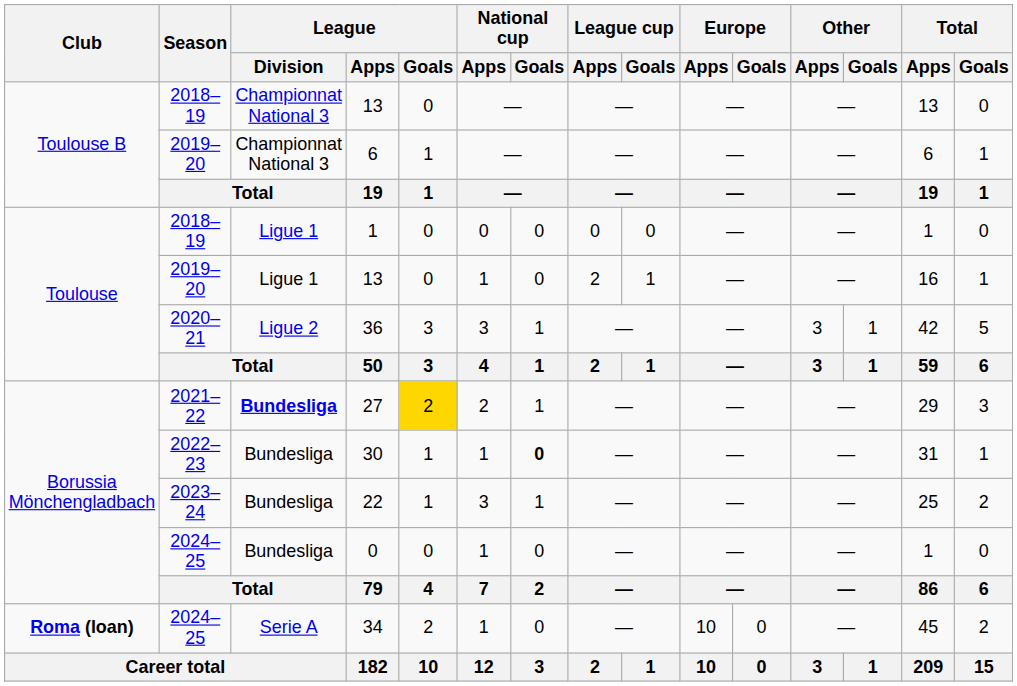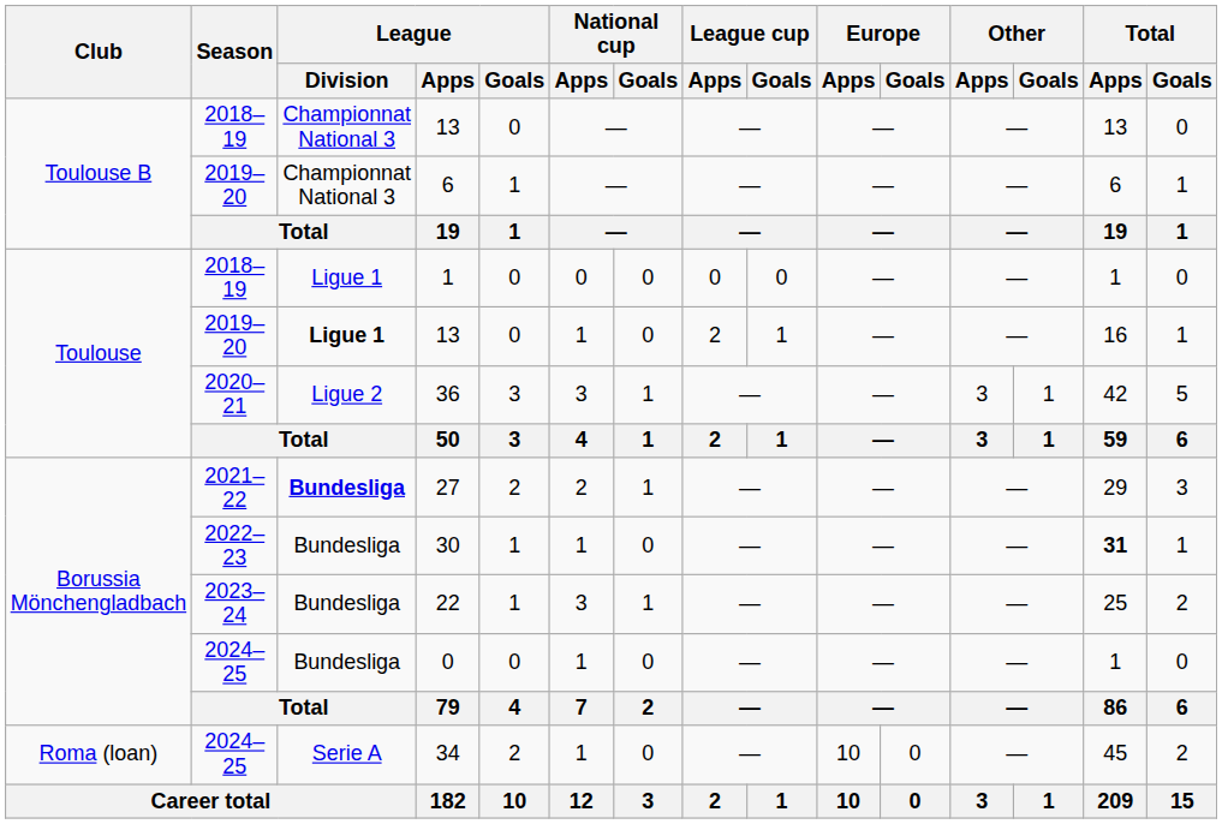 <table class="wikitable" style="text-align:center">
 <tr>
 <th rowspan="2">Club</th>
 <th rowspan="2">Season</th>
 <th colspan="3">League</th>
 <th colspan="2">National cup</th>
 <th colspan="2">League cup</th>
 <th colspan="2">Europe</th>
 <th colspan="2">Other</th>
 <th colspan="2">Total</th>
 </tr>
 <tr>
 <th>Division</th>
 <th>Apps</th>
 <th>Goals</th>
 <th>Apps</th>
 <th>Goals</th>
 <th>Apps</th>
 <th>Goals</th>
 <th>Apps</th>
 <th>Goals</th>
 <th>Apps</th>
 <th>Goals</th>
 <th>Apps</th>
 <th>Goals</th>
 </tr>
 <tr>
 <td rowspan="3"><a href='#'>Toulouse B</a></td>
 <td><a href='#'>2018–19</a></td>
 <td><a href='#'>Championnat National 3</a></td>
 <td>13</td>
 <td>0</td>
 <td colspan="2">—</td>
 <td colspan="2">—</td>
 <td colspan="2">—</td>
 <td colspan="2">—</td>
 <td>13</td>
 <td>0</td>
 </tr>
 <tr>
 <td><a href='#'>2019–20</a></td>
 <td>Championnat National 3</td>
 <td>6</td>
 <td>1</td>
 <td colspan="2">—</td>
 <td colspan="2">—</td>
 <td colspan="2">—</td>
 <td colspan="2">—</td>
 <td>6</td>
 <td>1</td>
 </tr>
 <tr>
 <th colspan="2">Total</th>
 <th>19</th>
 <th>1</th>
 <th colspan="2">—</th>
 <th colspan="2">—</th>
 <th colspan="2">—</th>
 <th colspan="2">—</th>
 <th>19</th>
 <th>1</th>
 </tr>
 <tr>
 <td rowspan="4"><a href='#'>Toulouse</a></td>
 <td><a href='#'>2018–19</a></td>
 <td><a href='#'>Ligue 1</a></td>
 <td>1</td>
 <td>0</td>
 <td>0</td>
 <td>0</td>
 <td>0</td>
 <td>0</td>
 <td colspan="2">—</td>
 <td colspan="2">—</td>
 <td>1</td>
 <td>0</td>
 </tr>
 <tr>
 <td><a href='#'>2019–20</a></td>
-<td>Ligue 1</td>
+<td><strong>Ligue 1</strong></td>
 <td>13</td>
 <td>0</td>
 <td>1</td>
 <td>0</td>
 <td>2</td>
 <td>1</td>
 <td colspan="2">—</td>
 <td colspan="2">—</td>
 <td>16</td>
 <td>1</td>
 </tr>
 <tr>
 <td><a href='#'>2020–21</a></td>
 <td><a href='#'>Ligue 2</a></td>
 <td>36</td>
 <td>3</td>
 <td>3</td>
 <td>1</td>
 <td colspan="2">—</td>
 <td colspan="2">—</td>
 <td>3</td>
 <td>1</td>
 <td>42</td>
 <td>5</td>
 </tr>
 <tr>
 <th colspan="2">Total</th>
 <th>50</th>
 <th>3</th>
 <th>4</th>
 <th>1</th>
 <th>2</th>
 <th>1</th>
 <th colspan="2">—</th>
 <th>3</th>
 <th>1</th>
 <th>59</th>
 <th>6</th>
 </tr>
 <tr>
 <td rowspan="5"><a href='#'>Borussia Mönchengladbach</a></td>
 <td><a href='#'>2021–22</a></td>
 <td><strong><a href='#'>Bundesliga</a></strong></td>
 <td>27</td>
-<td style="background: gold;">2</td>
+<td>2</td>
 <td>2</td>
 <td>1</td>
 <td colspan="2">—</td>
 <td colspan="2">—</td>
 <td colspan="2">—</td>
 <td>29</td>
 <td>3</td>
 </tr>
 <tr>
 <td><a href='#'>2022–23</a></td>
 <td>Bundesliga</td>
 <td>30</td>
 <td>1</td>
 <td>1</td>
-<td><strong>0</strong></td>
+<td>0</td>
 <td colspan="2">—</td>
 <td colspan="2">—</td>
 <td colspan="2">—</td>
-<td>31</td>
+<td><strong>31</strong></td>
 <td>1</td>
 </tr>
 <tr>
 <td><a href='#'>2023–24</a></td>
 <td>Bundesliga</td>
 <td>22</td>
 <td>1</td>
 <td>3</td>
 <td>1</td>
 <td colspan="2">—</td>
 <td colspan="2">—</td>
 <td colspan="2">—</td>
 <td>25</td>
 <td>2</td>
 </tr>
 <tr>
 <td><a href='#'>2024–25</a></td>
 <td>Bundesliga</td>
 <td>0</td>
 <td>0</td>
 <td>1</td>
 <td>0</td>
 <td colspan="2">—</td>
 <td colspan="2">—</td>
 <td colspan="2">—</td>
 <td>1</td>
 <td>0</td>
 </tr>
 <tr>
 <th colspan="2">Total</th>
 <th>79</th>
 <th>4</th>
 <th>7</th>
 <th>2</th>
 <th colspan="2">—</th>
 <th colspan="2">—</th>
 <th colspan="2">—</th>
 <th>86</th>
 <th>6</th>
 </tr>
 <tr>
-<td><strong><a href='#'>Roma</a> (loan)</strong></td>
+<td><a href='#'>Roma</a> (loan)</td>
 <td><a href='#'>2024–25</a></td>
 <td><a href='#'>Serie A</a></td>
 <td>34</td>
 <td>2</td>
 <td>1</td>
 <td>0</td>
 <td colspan="2">—</td>
 <td>10</td>
 <td>0</td>
 <td colspan="2">—</td>
 <td>45</td>
 <td>2</td>
 </tr>
 <tr>
 <th colspan="3">Career total</th>
 <th>182</th>
 <th>10</th>
 <th>12</th>
 <th>3</th>
 <th>2</th>
 <th>1</th>
 <th>10</th>
 <th>0</th>
 <th>3</th>
 <th>1</th>
 <th>209</th>
 <th>15</th>
 </tr>
 </table>
